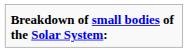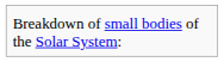 <table class="infobox" style="width: 220px;">
 <tr>
 <td align=center></td>
 </tr>
 <tr>
-<td><strong>Breakdown of  <a href='#'>small bodies</a> of the <a href='#'>Solar System</a>:<br>   </strong></td>
+<td>Breakdown of  <a href='#'>small bodies</a> of the <a href='#'>Solar System</a>:<br>   </td>
 </tr>
 </table>
